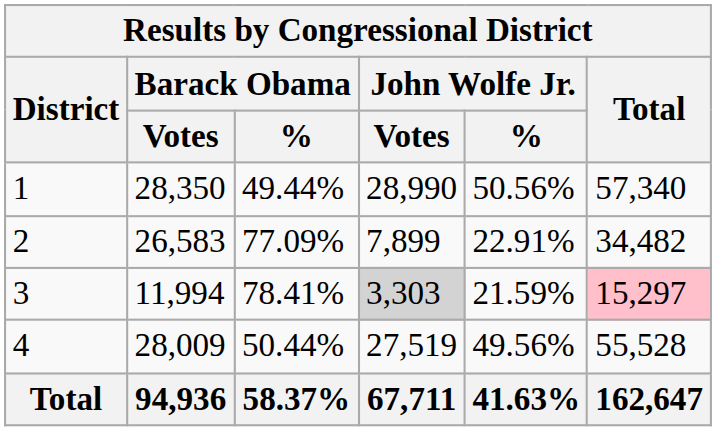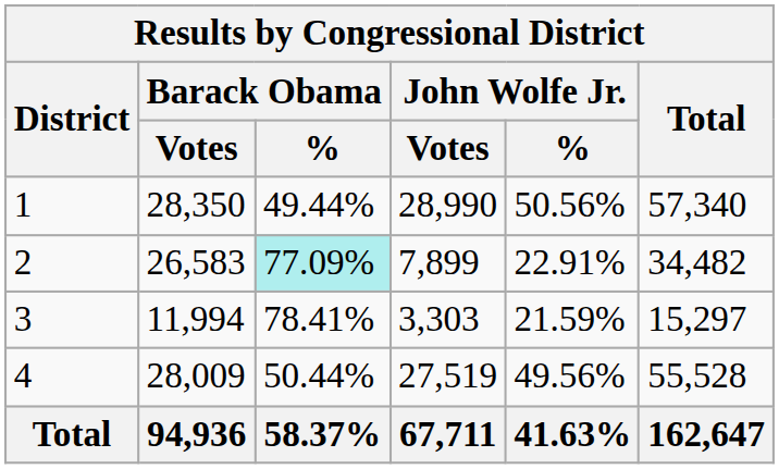 <table class="wikitable sortable">
 <tr>
 <th colspan="6"><strong>Results by Congressional District</strong></th>
 </tr>
 <tr>
 <th rowspan="2">District</th>
 <th colspan="2">Barack Obama</th>
 <th colspan="2">John Wolfe Jr.</th>
 <th rowspan="2">Total</th>
 </tr>
 <tr>
 <th>Votes</th>
 <th>%</th>
 <th>Votes</th>
 <th>%</th>
 </tr>
 <tr>
 <td>1</td>
 <td>28,350</td>
 <td>49.44%</td>
 <td>28,990</td>
 <td>50.56%</td>
 <td>57,340</td>
 </tr>
 <tr>
 <td>2</td>
 <td>26,583</td>
-<td>77.09%</td>
+<td style="background: paleturquoise;">77.09%</td>
 <td>7,899</td>
 <td>22.91%</td>
 <td>34,482</td>
 </tr>
 <tr>
 <td>3</td>
 <td>11,994</td>
 <td>78.41%</td>
-<td style="background: lightgrey;">3,303</td>
+<td>3,303</td>
 <td>21.59%</td>
-<td style="background: pink;">15,297</td>
+<td>15,297</td>
 </tr>
 <tr>
 <td>4</td>
 <td>28,009</td>
 <td>50.44%</td>
 <td>27,519</td>
 <td>49.56%</td>
 <td>55,528</td>
 </tr>
 <tr>
 <th>Total</th>
 <th>94,936</th>
 <th>58.37%</th>
 <th>67,711</th>
 <th>41.63%</th>
 <th>162,647</th>
 </tr>
 </table>
